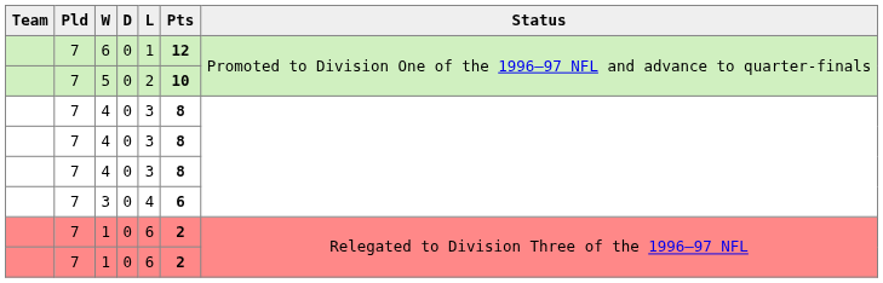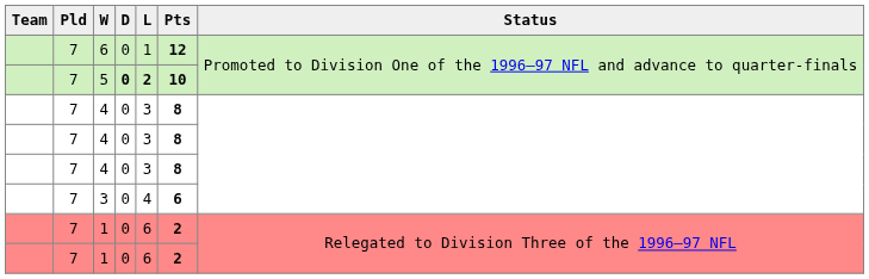 <table style=border-collapse:collapse border=1 cellspacing=0 cellpadding=5>
 <tr align=center bgcolor=#efefef>
 <th>Team</th>
 <th>Pld</th>
 <th>W</th>
 <th>D</th>
 <th>L</th>
 <th>Pts</th>
 <th>Status</th>
 </tr>
 <tr align=center style="background:#D0F0C0;">
 <td style="text-align:left;"> </td>
 <td>7</td>
 <td>6</td>
 <td>0</td>
 <td>1</td>
 <td><strong>12</strong></td>
 <td rowspan=2>Promoted to Division One of the <a href='#'>1996–97 NFL</a> and advance to quarter-finals</td>
 </tr>
 <tr align=center style="background:#D0F0C0;">
 <td style="text-align:left;"> </td>
 <td>7</td>
 <td>5</td>
-<td>0</td>
-<td>2</td>
+<td><strong>0</strong></td>
+<td><strong>2</strong></td>
 <td><strong>10</strong></td>
 </tr>
 <tr align=center style="background:#FFFFFF;">
 <td style="text-align:left;"> </td>
 <td>7</td>
 <td>4</td>
 <td>0</td>
 <td>3</td>
 <td><strong>8</strong></td>
 <td rowspan=4></td>
 </tr>
 <tr align=center style="background:#FFFFFF;">
 <td style="text-align:left;"> </td>
 <td>7</td>
 <td>4</td>
 <td>0</td>
 <td>3</td>
 <td><strong>8</strong></td>
 </tr>
 <tr align=center style="background:#FFFFFF;">
 <td style="text-align:left;"> </td>
 <td>7</td>
 <td>4</td>
 <td>0</td>
 <td>3</td>
 <td><strong>8</strong></td>
 </tr>
 <tr align=center style="background:#FFFFFF;">
 <td style="text-align:left;"> </td>
 <td>7</td>
 <td>3</td>
 <td>0</td>
 <td>4</td>
 <td><strong>6</strong></td>
 </tr>
 <tr align=center style="background:#FF8888;">
 <td style="text-align:left;"> </td>
 <td>7</td>
 <td>1</td>
 <td>0</td>
 <td>6</td>
 <td><strong>2</strong></td>
 <td rowspan=2>Relegated to Division Three of the <a href='#'>1996–97 NFL</a></td>
 </tr>
 <tr align=center style="background:#FF8888;">
 <td style="text-align:left;"> </td>
 <td>7</td>
 <td>1</td>
 <td>0</td>
 <td>6</td>
 <td><strong>2</strong></td>
 </tr>
 </table>
